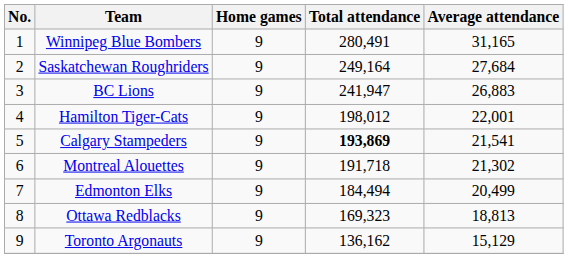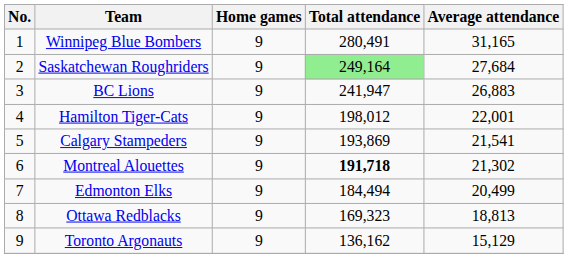 <table class="wikitable plainrowheaders sortable" style="text-align:center;">
 <tr>
 <th scope="col">No.</th>
 <th scope="col">Team</th>
 <th scope="col">Home games</th>
 <th scope="col">Total attendance</th>
 <th scope="col">Average attendance</th>
 </tr>
 <tr>
 <td>1</td>
 <td><a href='#'>Winnipeg Blue Bombers</a></td>
 <td>9</td>
 <td>280,491</td>
 <td>31,165</td>
 </tr>
 <tr>
 <td>2</td>
 <td><a href='#'>Saskatchewan Roughriders</a></td>
 <td>9</td>
-<td>249,164</td>
+<td style="background: lightgreen;">249,164</td>
 <td>27,684</td>
 </tr>
 <tr>
 <td>3</td>
 <td><a href='#'>BC Lions</a></td>
 <td>9</td>
 <td>241,947</td>
 <td>26,883</td>
 </tr>
 <tr>
 <td>4</td>
 <td><a href='#'>Hamilton Tiger-Cats</a></td>
 <td>9</td>
 <td>198,012</td>
 <td>22,001</td>
 </tr>
 <tr>
 <td>5</td>
 <td><a href='#'>Calgary Stampeders</a></td>
 <td>9</td>
-<td><strong>193,869</strong></td>
+<td>193,869</td>
 <td>21,541</td>
 </tr>
 <tr>
 <td>6</td>
 <td><a href='#'>Montreal Alouettes</a></td>
 <td>9</td>
-<td>191,718</td>
+<td><strong>191,718</strong></td>
 <td>21,302</td>
 </tr>
 <tr>
 <td>7</td>
 <td><a href='#'>Edmonton Elks</a></td>
 <td>9</td>
 <td>184,494</td>
 <td>20,499</td>
 </tr>
 <tr>
 <td>8</td>
 <td><a href='#'>Ottawa Redblacks</a></td>
 <td>9</td>
 <td>169,323</td>
 <td>18,813</td>
 </tr>
 <tr>
 <td>9</td>
 <td><a href='#'>Toronto Argonauts</a></td>
 <td>9</td>
 <td>136,162</td>
 <td>15,129</td>
 </tr>
 <tr>
 </tr>
 </table>
